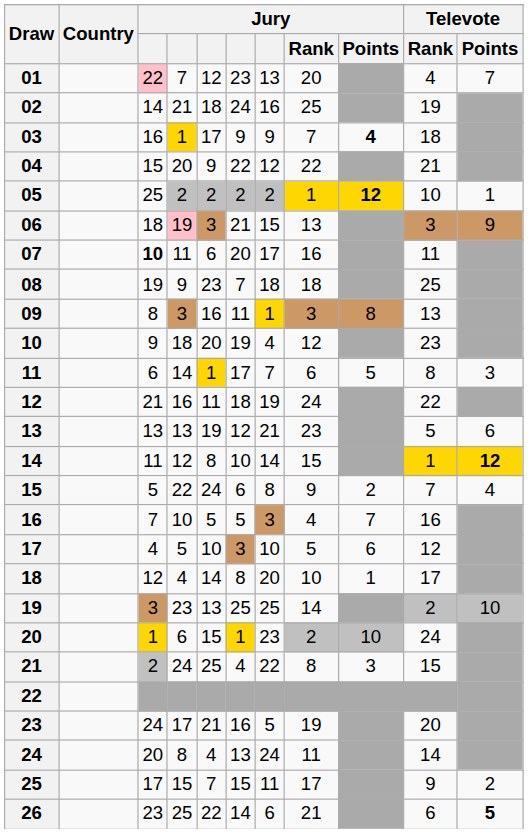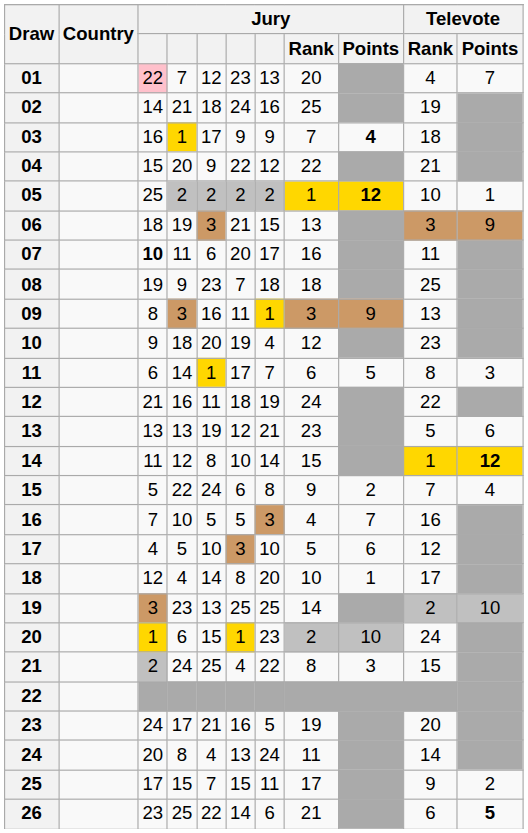 <table class="sortable wikitable collapsible plainrowheaders" style="text-align:center;">
 <tr>
 </tr>
 <tr>
 <th scope="col" rowspan="2">Draw</th>
 <th scope="col" rowspan="2">Country</th>
 <th scope="col" colspan="7">Jury</th>
 <th scope="col" colspan="2">Televote</th>
 </tr>
 <tr>
 <th scope="col"><small></small></th>
 <th scope="col"><small></small></th>
 <th scope="col"><small></small></th>
 <th scope="col"><small></small></th>
 <th scope="col"><small></small></th>
 <th scope="col">Rank</th>
 <th scope="col">Points</th>
 <th scope="col">Rank</th>
 <th scope="col">Points</th>
 </tr>
 <tr>
 <th scope="row" style="text-align:center;">01</th>
 <td style="text-align:left;"></td>
 <td style="background: pink;">22</td>
 <td>7</td>
 <td>12</td>
 <td>23</td>
 <td>13</td>
 <td>20</td>
 <td style="background:#AAAAAA;"></td>
 <td>4</td>
 <td>7</td>
 </tr>
 <tr>
 <th scope="row" style="text-align:center;">02</th>
 <td style="text-align:left;"></td>
 <td>14</td>
 <td>21</td>
 <td>18</td>
 <td>24</td>
 <td>16</td>
 <td>25</td>
 <td style="background:#AAAAAA;"></td>
 <td>19</td>
 <td style="background:#AAAAAA;"></td>
 </tr>
 <tr>
 <th scope="row" style="text-align:center;">03</th>
 <td style="text-align:left;"></td>
 <td>16</td>
 <td style="background:gold;">1</td>
 <td>17</td>
 <td>9</td>
 <td>9</td>
 <td>7</td>
 <td><strong>4</strong></td>
 <td>18</td>
 <td style="background:#AAAAAA;"></td>
 </tr>
 <tr>
 <th scope="row" style="text-align:center;">04</th>
 <td style="text-align:left;"></td>
 <td>15</td>
 <td>20</td>
 <td>9</td>
 <td>22</td>
 <td>12</td>
 <td>22</td>
 <td style="background:#AAAAAA;"></td>
 <td>21</td>
 <td style="background:#AAAAAA;"></td>
 </tr>
 <tr>
 <th scope="row" style="text-align:center;">05</th>
 <td style="text-align:left;"></td>
 <td>25</td>
 <td style="background:silver;">2</td>
 <td style="background:silver;">2</td>
 <td style="background:silver;">2</td>
 <td style="background:silver;">2</td>
 <td style="background:gold;">1</td>
 <td style="background:gold;"><strong>12</strong></td>
 <td>10</td>
 <td>1</td>
 </tr>
 <tr>
 <th scope="row" style="text-align:center;">06</th>
 <td style="text-align:left;"></td>
 <td>18</td>
-<td style="background: pink;">19</td>
+<td>19</td>
 <td style="background:#CC9966;">3</td>
 <td>21</td>
 <td>15</td>
 <td>13</td>
 <td style="background:#AAAAAA;"></td>
 <td style="background:#CC9966;">3</td>
 <td style="background:#CC9966;">9</td>
 </tr>
 <tr>
 <th scope="row" style="text-align:center;">07</th>
 <td style="text-align:left;"></td>
 <td><strong>10</strong></td>
 <td>11</td>
 <td>6</td>
 <td>20</td>
 <td>17</td>
 <td>16</td>
 <td style="background:#AAAAAA;"></td>
 <td>11</td>
 <td style="background:#AAAAAA;"></td>
 </tr>
 <tr>
 <th scope="row" style="text-align:center;">08</th>
 <td style="text-align:left;"></td>
 <td>19</td>
 <td>9</td>
 <td>23</td>
 <td>7</td>
 <td>18</td>
 <td>18</td>
 <td style="background:#AAAAAA;"></td>
 <td>25</td>
 <td style="background:#AAAAAA;"></td>
 </tr>
 <tr>
 <th scope="row" style="text-align:center;">09</th>
 <td style="text-align:left;"></td>
 <td>8</td>
 <td style="background:#CC9966;">3</td>
 <td>16</td>
 <td>11</td>
 <td style="background:gold;">1</td>
 <td style="background:#CC9966;">3</td>
-<td style="background:#CC9966;">8</td>
+<td style="background:#CC9966;">9</td>
 <td>13</td>
 <td style="background:#AAAAAA;"></td>
 </tr>
 <tr>
 <th scope="row" style="text-align:center;">10</th>
 <td style="text-align:left;"></td>
 <td>9</td>
 <td>18</td>
 <td>20</td>
 <td>19</td>
 <td>4</td>
 <td>12</td>
 <td style="background:#AAAAAA;"></td>
 <td>23</td>
 <td style="background:#AAAAAA;"></td>
 </tr>
 <tr>
 <th scope="row" style="text-align:center;">11</th>
 <td style="text-align:left;"></td>
 <td>6</td>
 <td>14</td>
 <td style="background:gold;">1</td>
 <td>17</td>
 <td>7</td>
 <td>6</td>
 <td>5</td>
 <td>8</td>
 <td>3</td>
 </tr>
 <tr>
 <th scope="row" style="text-align:center;">12</th>
 <td style="text-align:left;"></td>
 <td>21</td>
 <td>16</td>
 <td>11</td>
 <td>18</td>
 <td>19</td>
 <td>24</td>
 <td style="background:#AAAAAA;"></td>
 <td>22</td>
 <td style="background:#AAAAAA;"></td>
 </tr>
 <tr>
 <th scope="row" style="text-align:center;">13</th>
 <td style="text-align:left;"></td>
 <td>13</td>
 <td>13</td>
 <td>19</td>
 <td>12</td>
 <td>21</td>
 <td>23</td>
 <td style="background:#AAAAAA;"></td>
 <td>5</td>
 <td>6</td>
 </tr>
 <tr>
 <th scope="row" style="text-align:center;">14</th>
 <td style="text-align:left;"></td>
 <td>11</td>
 <td>12</td>
 <td>8</td>
 <td>10</td>
 <td>14</td>
 <td>15</td>
 <td style="background:#AAAAAA;"></td>
 <td style="background:gold;">1</td>
 <td style="background:gold;"><strong>12</strong></td>
 </tr>
 <tr>
 <th scope="row" style="text-align:center;">15</th>
 <td style="text-align:left;"></td>
 <td>5</td>
 <td>22</td>
 <td>24</td>
 <td>6</td>
 <td>8</td>
 <td>9</td>
 <td>2</td>
 <td>7</td>
 <td>4</td>
 </tr>
 <tr>
 <th scope="row" style="text-align:center;">16</th>
 <td style="text-align:left;"></td>
 <td>7</td>
 <td>10</td>
 <td>5</td>
 <td>5</td>
 <td style="background:#CC9966;">3</td>
 <td>4</td>
 <td>7</td>
 <td>16</td>
 <td style="background:#AAAAAA;"></td>
 </tr>
 <tr>
 <th scope="row" style="text-align:center;">17</th>
 <td style="text-align:left;"></td>
 <td>4</td>
 <td>5</td>
 <td>10</td>
 <td style="background:#CC9966;">3</td>
 <td>10</td>
 <td>5</td>
 <td>6</td>
 <td>12</td>
 <td style="background:#AAAAAA;"></td>
 </tr>
 <tr>
 <th scope="row" style="text-align:center;">18</th>
 <td style="text-align:left;"></td>
 <td>12</td>
 <td>4</td>
 <td>14</td>
 <td>8</td>
 <td>20</td>
 <td>10</td>
 <td>1</td>
 <td>17</td>
 <td style="background:#AAAAAA;"></td>
 </tr>
 <tr>
 <th scope="row" style="text-align:center;">19</th>
 <td style="text-align:left;"></td>
 <td style="background:#CC9966;">3</td>
 <td>23</td>
 <td>13</td>
 <td>25</td>
 <td>25</td>
 <td>14</td>
 <td style="background:#AAAAAA;"></td>
 <td style="background:silver;">2</td>
 <td style="background:silver;">10</td>
 </tr>
 <tr>
 <th scope="row" style="text-align:center;">20</th>
 <td style="text-align:left;"></td>
 <td style="background:gold;">1</td>
 <td>6</td>
 <td>15</td>
 <td style="background:gold;">1</td>
 <td>23</td>
 <td style="background:silver;">2</td>
 <td style="background:silver;">10</td>
 <td>24</td>
 <td style="background:#AAAAAA;"></td>
 </tr>
 <tr>
 <th scope="row" style="text-align:center;">21</th>
 <td style="text-align:left;"></td>
 <td style="background:silver;">2</td>
 <td>24</td>
 <td>25</td>
 <td>4</td>
 <td>22</td>
 <td>8</td>
 <td>3</td>
 <td>15</td>
 <td style="background:#AAAAAA;"></td>
 </tr>
 <tr class="sortbottom">
 <th scope="row" style="text-align:center;">22</th>
 <td style="text-align:left;"></td>
 <td style="background:#AAAAAA;"></td>
 <td style="background:#AAAAAA;"></td>
 <td style="background:#AAAAAA;"></td>
 <td style="background:#AAAAAA;"></td>
 <td style="background:#AAAAAA;"></td>
 <td style="background:#AAAAAA;"></td>
 <td style="background:#AAAAAA;"></td>
 <td style="background:#AAAAAA;"></td>
 <td style="background:#AAAAAA;"></td>
 </tr>
 <tr>
 <th scope="row" style="text-align:center;">23</th>
 <td style="text-align:left;"></td>
 <td>24</td>
 <td>17</td>
 <td>21</td>
 <td>16</td>
 <td>5</td>
 <td>19</td>
 <td style="background:#AAAAAA;"></td>
 <td>20</td>
 <td style="background:#AAAAAA;"></td>
 </tr>
 <tr>
 <th scope="row" style="text-align:center;">24</th>
 <td style="text-align:left;"></td>
 <td>20</td>
 <td>8</td>
 <td>4</td>
 <td>13</td>
 <td>24</td>
 <td>11</td>
 <td style="background:#AAAAAA;"></td>
 <td>14</td>
 <td style="background:#AAAAAA;"></td>
 </tr>
 <tr>
 <th scope="row" style="text-align:center;">25</th>
 <td style="text-align:left;"></td>
 <td>17</td>
 <td>15</td>
 <td>7</td>
 <td>15</td>
 <td>11</td>
 <td>17</td>
 <td style="background:#AAAAAA;"></td>
 <td>9</td>
 <td>2</td>
 </tr>
 <tr>
 <th scope="row" style="text-align:center;">26</th>
 <td style="text-align:left;"></td>
 <td>23</td>
 <td>25</td>
 <td>22</td>
 <td>14</td>
 <td>6</td>
 <td>21</td>
 <td style="background:#AAAAAA;"></td>
 <td>6</td>
 <td><strong>5</strong></td>
 </tr>
 </table>
